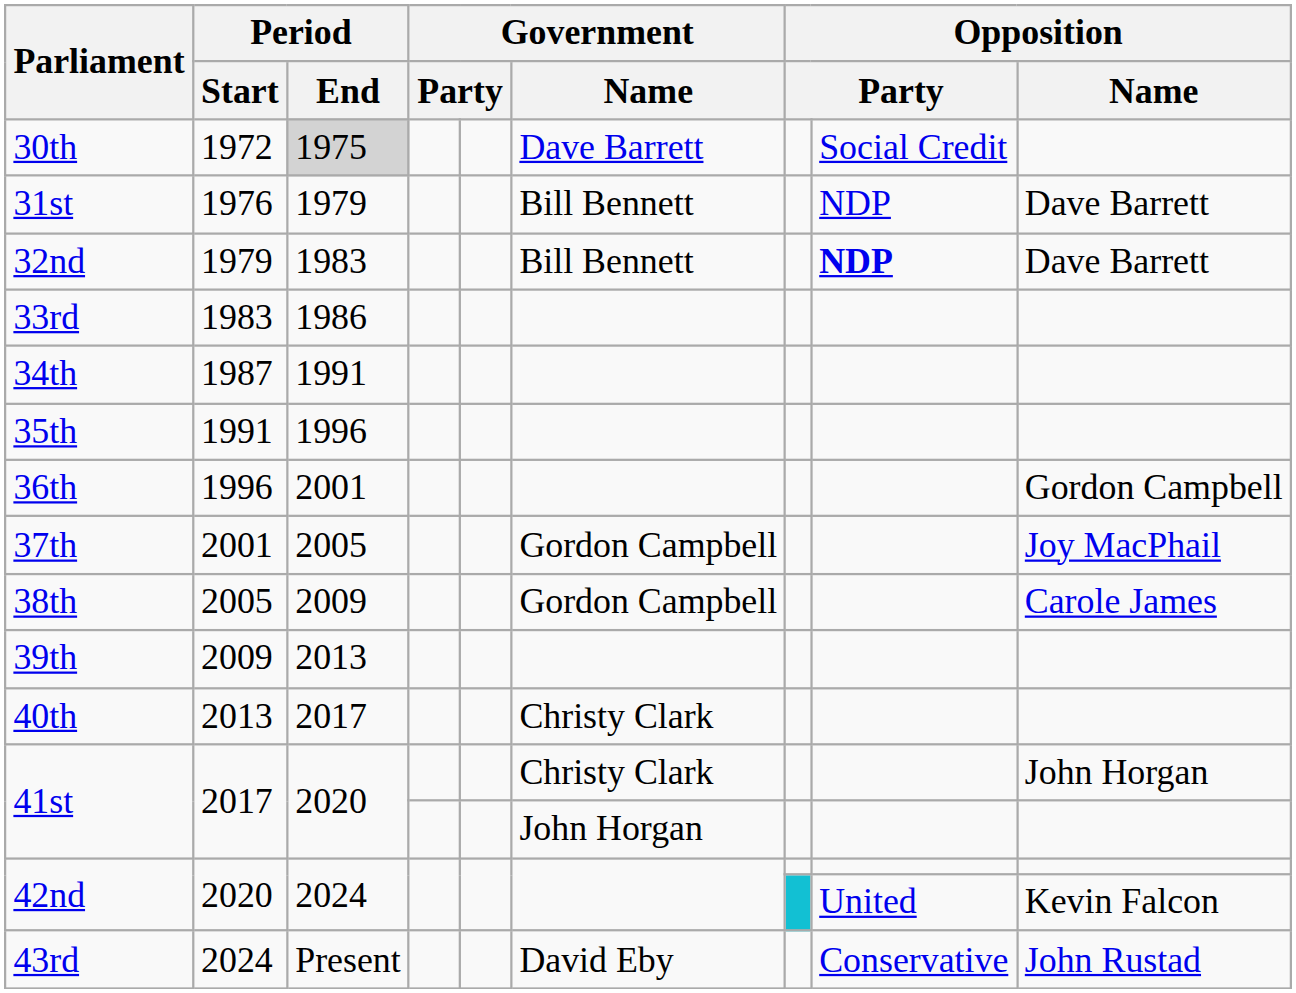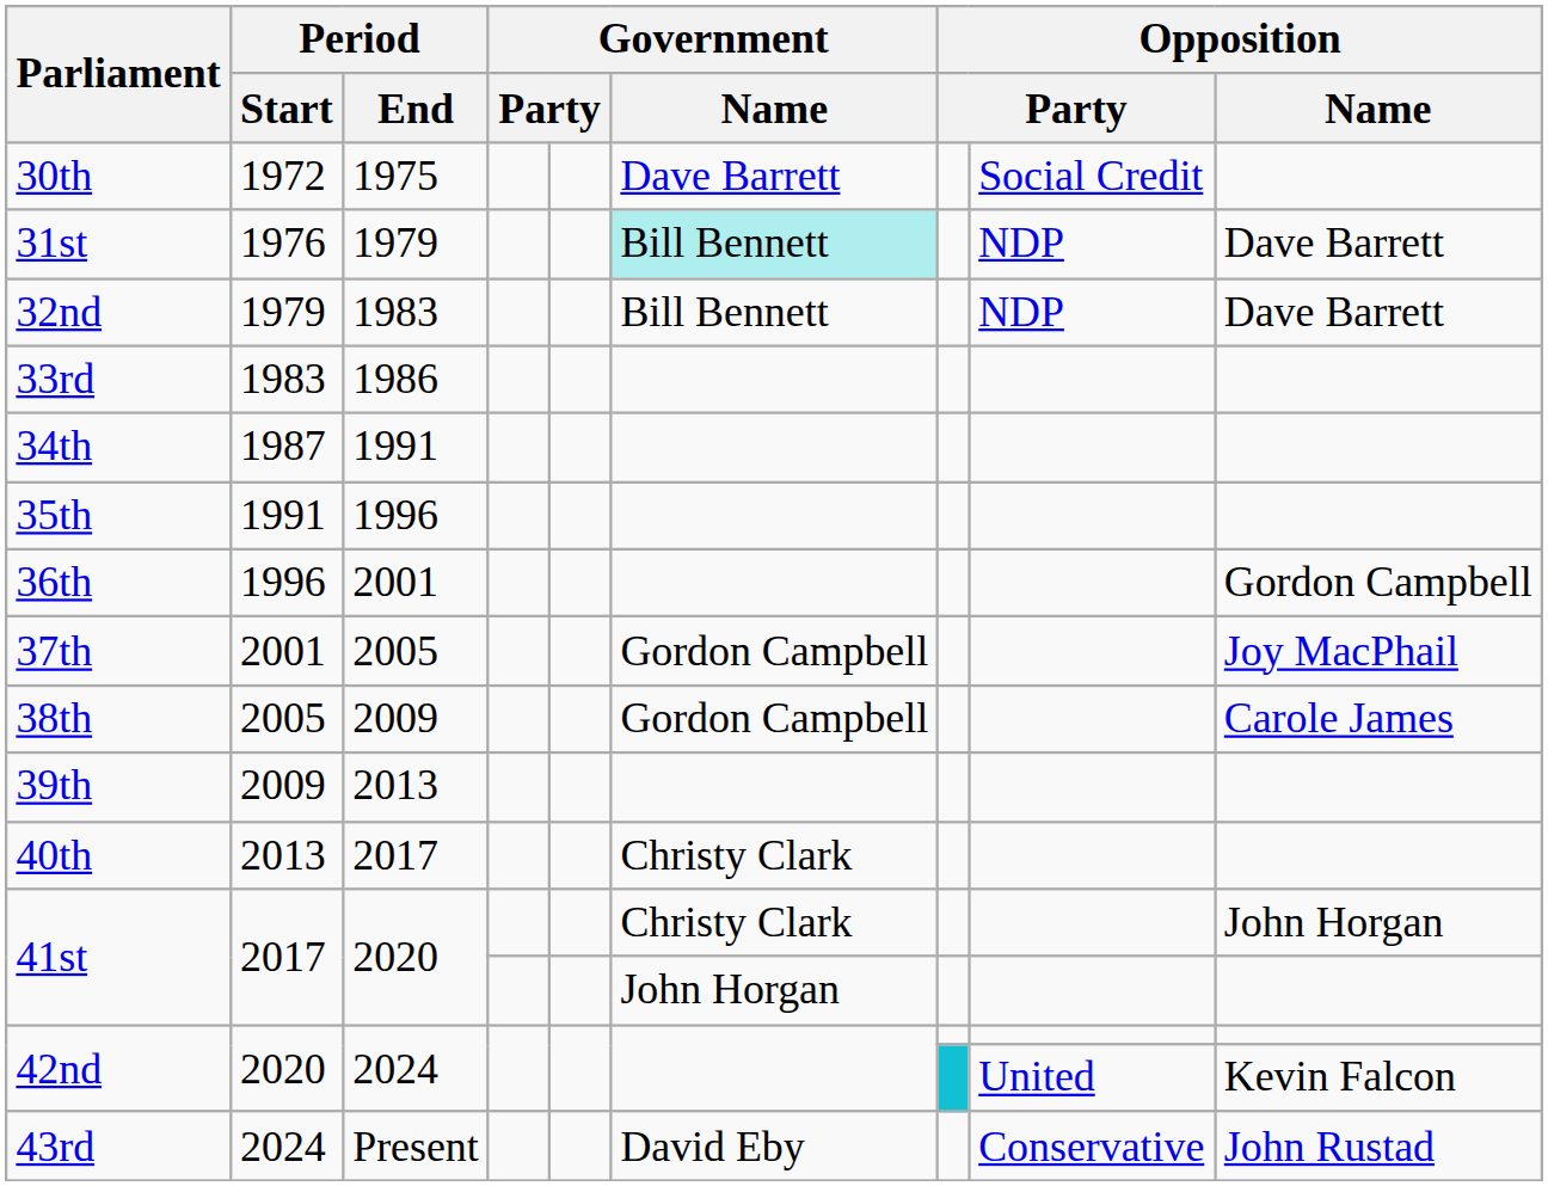 <table class="wikitable">
 <tr>
 <th rowspan="2">Parliament</th>
 <th colspan="2">Period</th>
 <th colspan="3">Government<br></th>
 <th colspan="3">Opposition<br></th>
 </tr>
 <tr>
 <th>Start</th>
 <th>End</th>
 <th colspan="2">Party</th>
 <th>Name</th>
 <th colspan="2">Party</th>
 <th>Name</th>
 </tr>
 <tr>
 <td><a href='#'>30th</a><br><a href='#'></a></td>
 <td>1972</td>
-<td style="background: lightgrey;">1975</td>
+<td>1975</td>
 <td></td>
 <td></td>
 <td><a href='#'>Dave Barrett</a></td>
 <td></td>
 <td><a href='#'>Social Credit</a></td>
 <td></td>
 </tr>
 <tr>
 <td><a href='#'>31st</a><br><a href='#'></a></td>
 <td>1976</td>
 <td>1979</td>
 <td></td>
 <td></td>
-<td>Bill Bennett</td>
+<td style="background: paleturquoise;">Bill Bennett</td>
 <td></td>
 <td><a href='#'>NDP</a></td>
 <td>Dave Barrett</td>
 </tr>
 <tr>
 <td><a href='#'>32nd</a><br><a href='#'></a></td>
 <td>1979</td>
 <td>1983</td>
 <td></td>
 <td></td>
 <td>Bill Bennett</td>
 <td></td>
-<td><strong><a href='#'>NDP</a></strong></td>
+<td><a href='#'>NDP</a></td>
 <td>Dave Barrett</td>
 </tr>
 <tr>
 <td><a href='#'>33rd</a><br><a href='#'></a></td>
 <td>1983</td>
 <td>1986</td>
 <td></td>
 <td></td>
 <td></td>
 <td></td>
 <td></td>
 <td></td>
 </tr>
 <tr>
 <td><a href='#'>34th</a><br><a href='#'></a></td>
 <td>1987</td>
 <td>1991</td>
 <td></td>
 <td></td>
 <td></td>
 <td></td>
 <td></td>
 <td></td>
 </tr>
 <tr>
 <td><a href='#'>35th</a><br><a href='#'></a></td>
 <td>1991</td>
 <td>1996</td>
 <td></td>
 <td></td>
 <td></td>
 <td></td>
 <td></td>
 <td></td>
 </tr>
 <tr>
 <td><a href='#'>36th</a><br><a href='#'></a></td>
 <td>1996</td>
 <td>2001</td>
 <td></td>
 <td></td>
 <td></td>
 <td></td>
 <td></td>
 <td>Gordon Campbell</td>
 </tr>
 <tr>
 <td><a href='#'>37th</a><br><a href='#'></a></td>
 <td>2001</td>
 <td>2005</td>
 <td></td>
 <td></td>
 <td>Gordon Campbell</td>
 <td></td>
 <td></td>
 <td><a href='#'>Joy MacPhail</a></td>
 </tr>
 <tr>
 <td><a href='#'>38th</a><br><a href='#'></a></td>
 <td>2005</td>
 <td>2009</td>
 <td></td>
 <td></td>
 <td>Gordon Campbell</td>
 <td></td>
 <td></td>
 <td><a href='#'>Carole James</a></td>
 </tr>
 <tr>
 <td><a href='#'>39th</a><br><a href='#'></a></td>
 <td>2009</td>
 <td>2013</td>
 <td></td>
 <td></td>
 <td></td>
 <td></td>
 <td></td>
 <td></td>
 </tr>
 <tr>
 <td><a href='#'>40th</a><br><a href='#'></a></td>
 <td>2013</td>
 <td>2017</td>
 <td></td>
 <td></td>
 <td>Christy Clark</td>
 <td></td>
 <td></td>
 <td></td>
 </tr>
 <tr>
 <td rowspan="2"><a href='#'>41st</a><br><a href='#'></a></td>
 <td rowspan="2">2017</td>
 <td rowspan="2">2020</td>
 <td></td>
 <td></td>
 <td>Christy Clark</td>
 <td></td>
 <td></td>
 <td>John Horgan</td>
 </tr>
 <tr>
 <td></td>
 <td></td>
 <td>John Horgan</td>
 <td></td>
 <td></td>
 <td></td>
 </tr>
 <tr>
 <td rowspan="2"><a href='#'>42nd</a><br><a href='#'></a></td>
 <td rowspan="2">2020</td>
 <td rowspan="2">2024</td>
 <td rowspan="2" ></td>
 <td rowspan="2"></td>
 <td rowspan="2"></td>
 <td></td>
 <td></td>
 <td></td>
 </tr>
 <tr>
 <td style="background: #12C0D3;"> </td>
 <td><a href='#'>United</a></td>
 <td>Kevin Falcon</td>
 </tr>
 <tr>
 <td><a href='#'>43rd</a><br><a href='#'></a></td>
 <td>2024</td>
 <td>Present</td>
 <td></td>
 <td></td>
 <td>David Eby</td>
 <td></td>
 <td><a href='#'>Conservative</a></td>
 <td><a href='#'>John Rustad</a></td>
 </tr>
 </table>
